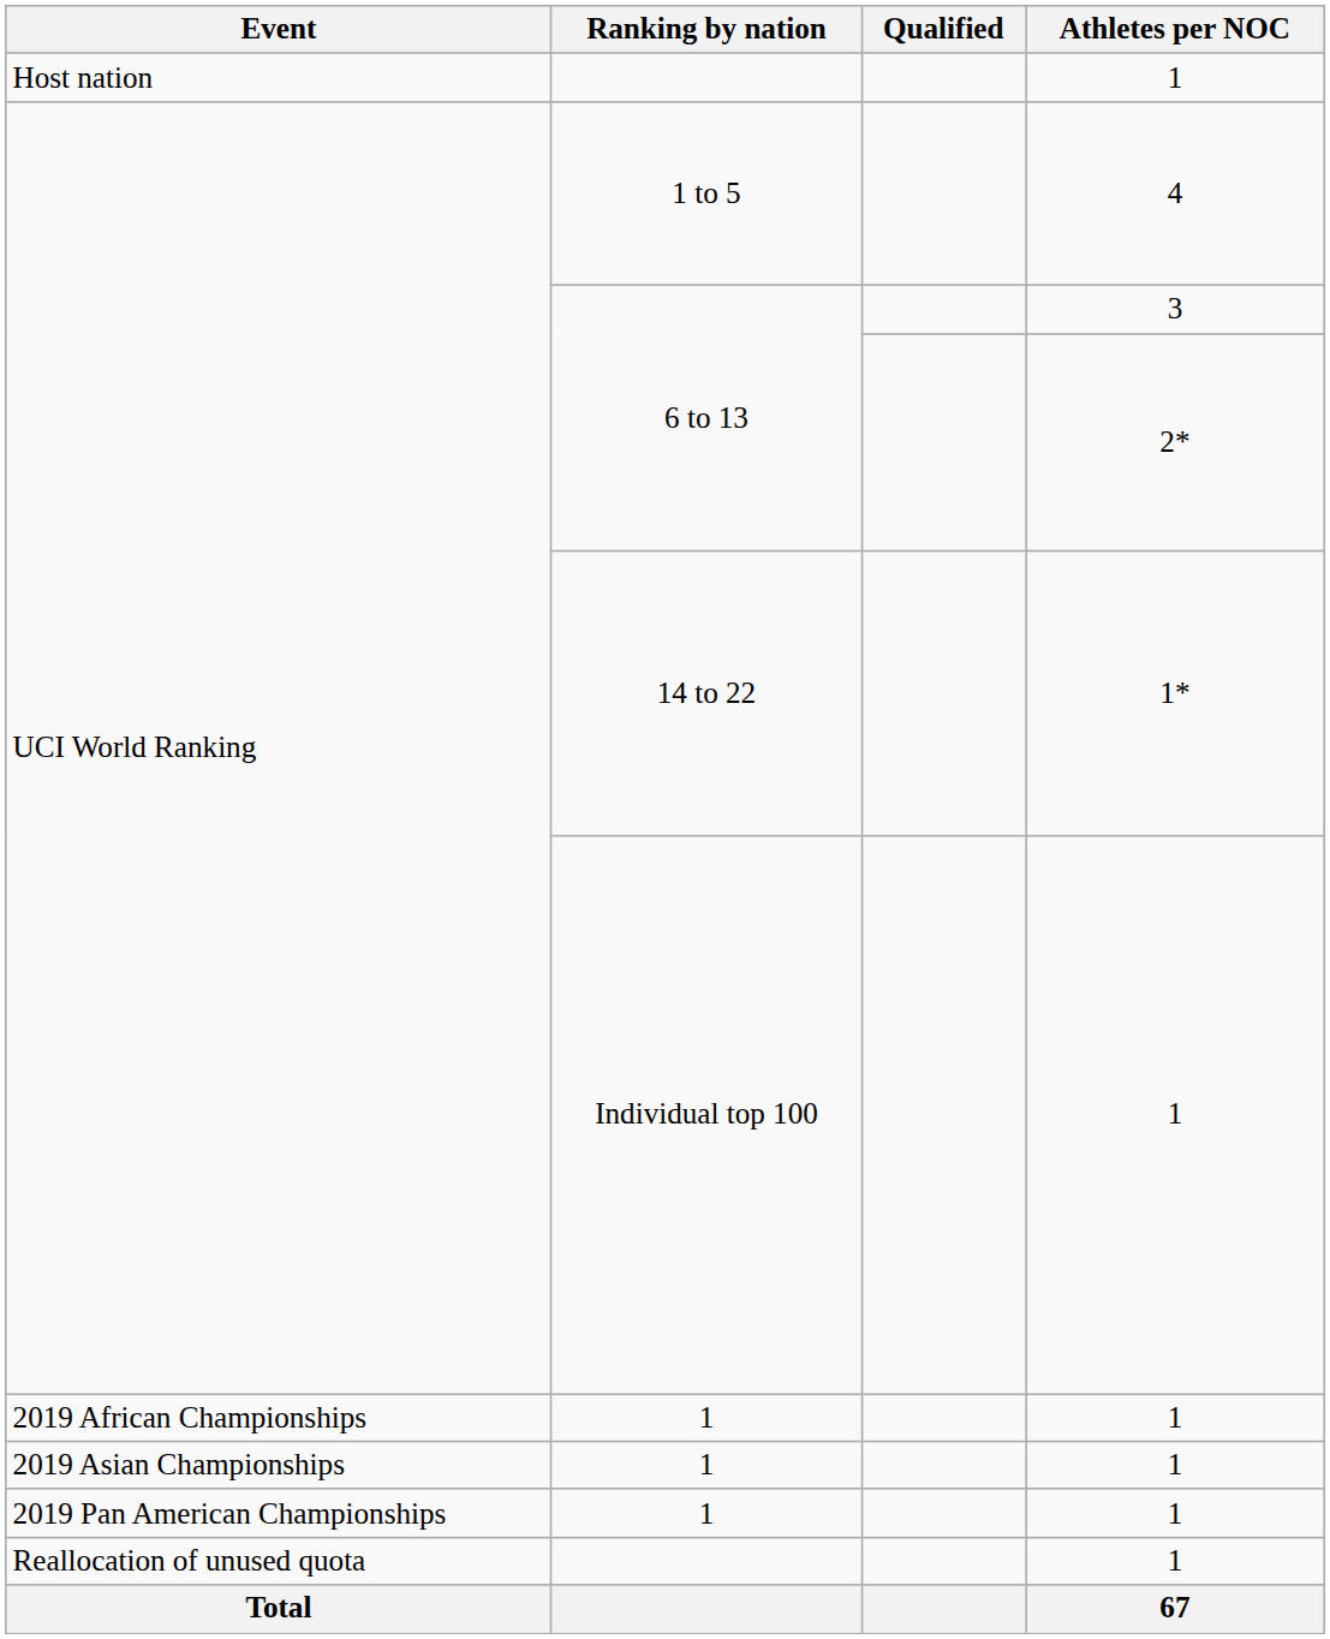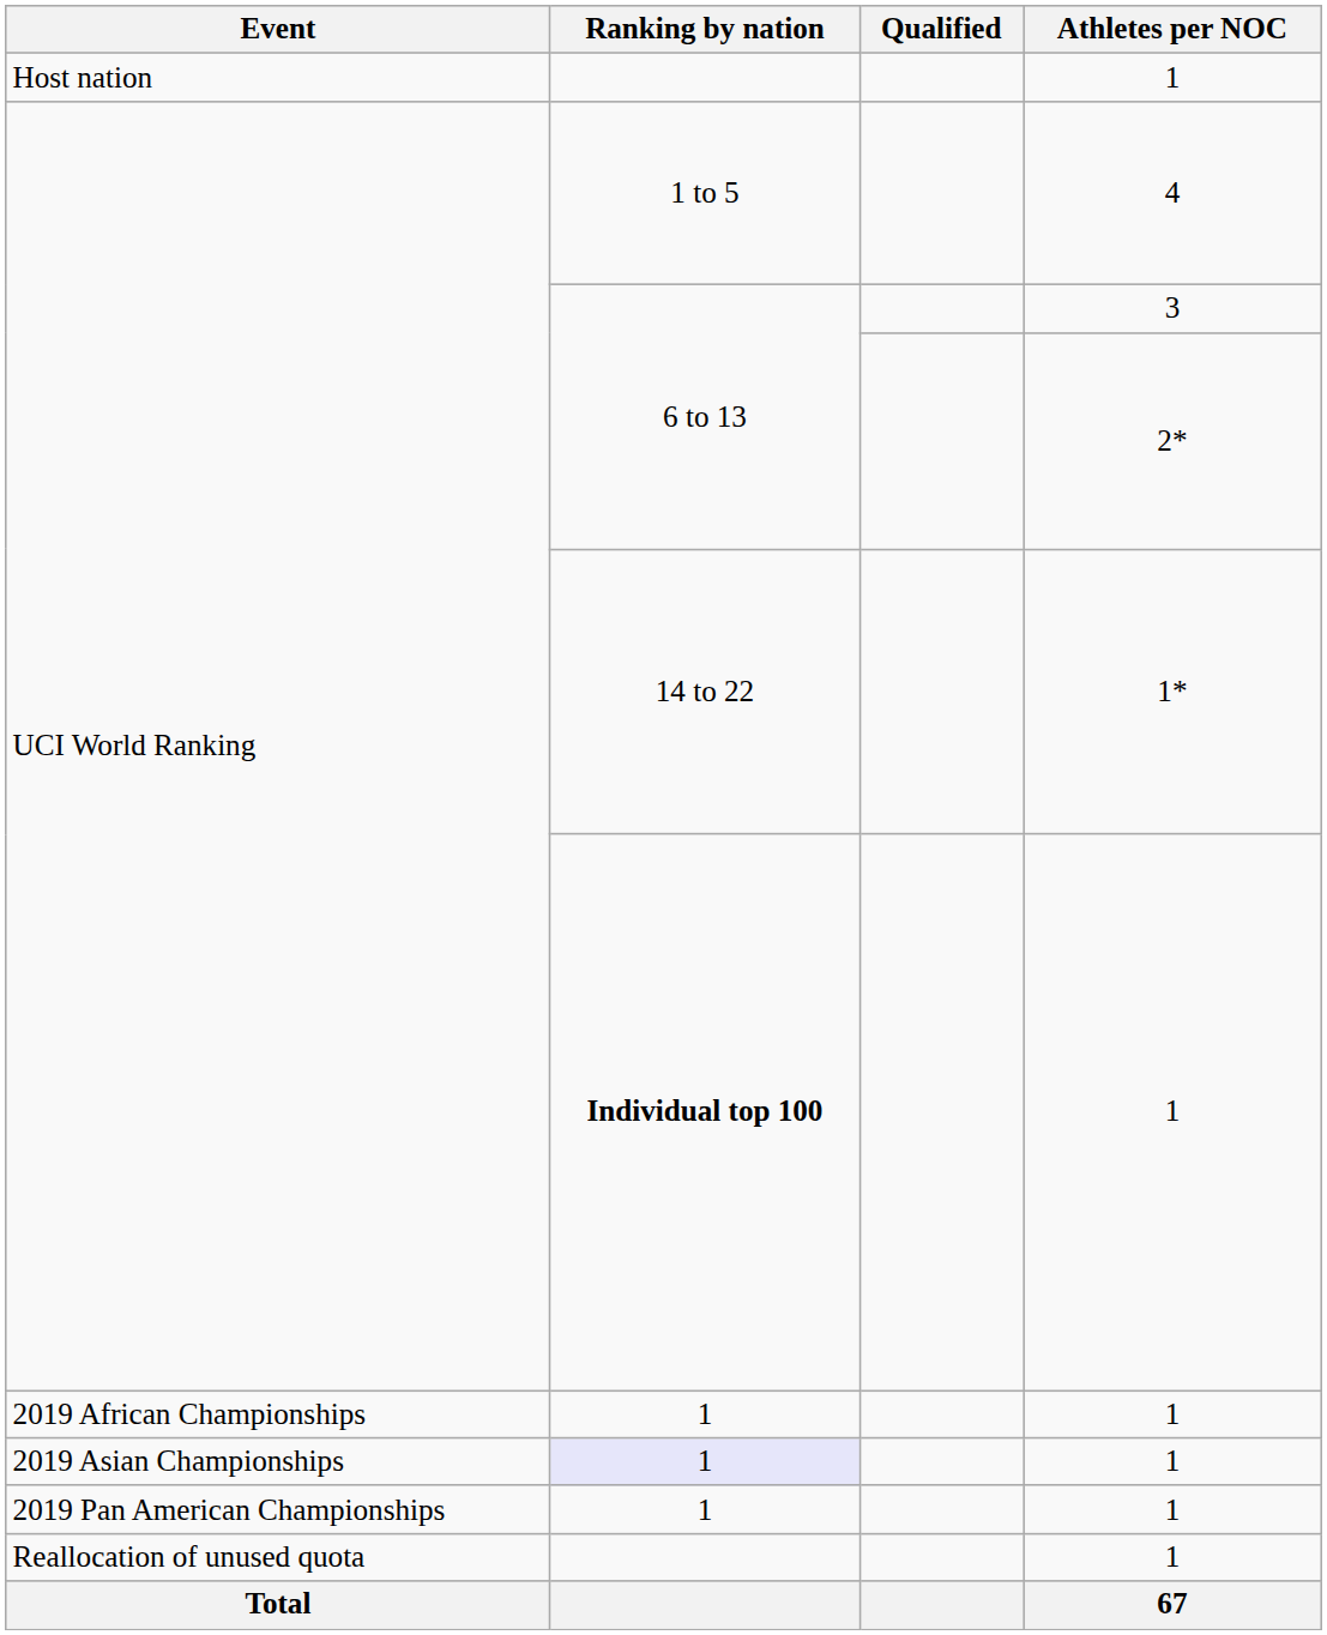 <table class="wikitable"  style="width:700px; text-align:center;">
 <tr>
 <th>Event</th>
 <th>Ranking by nation</th>
 <th>Qualified</th>
 <th>Athletes per NOC</th>
 </tr>
 <tr>
 <td align=left>Host nation</td>
 <td></td>
 <td align="left"></td>
 <td>1</td>
 </tr>
 <tr>
 <td rowspan=5 align=left>UCI World Ranking</td>
 <td>1 to 5</td>
 <td align="left"><br><br><br><br><br></td>
 <td>4</td>
 </tr>
 <tr>
 <td rowspan=2>6 to 13</td>
 <td align="left"></td>
 <td>3</td>
 </tr>
 <tr>
 <td align="left"><br><br><br><br><br><br></td>
 <td>2*</td>
 </tr>
 <tr>
 <td>14 to 22</td>
 <td align="left"><br><br><br><br><br><br><br><br></td>
 <td>1*</td>
 </tr>
 <tr>
-<td>Individual top 100</td>
+<td><strong>Individual top 100</strong></td>
 <td align=left><br><br><br><br><s></s><br><br><br><br><s></s><br><br><br><br><br><br><br><br></td>
 <td>1</td>
 </tr>
 <tr>
 <td align=left>2019 African Championships</td>
 <td>1</td>
 <td align="left"></td>
 <td>1</td>
 </tr>
 <tr>
 <td align=left>2019 Asian Championships</td>
-<td>1</td>
+<td style="background: lavender;">1</td>
 <td align="left"></td>
 <td>1</td>
 </tr>
 <tr>
 <td align=left>2019 Pan American Championships</td>
 <td>1</td>
 <td align="left"></td>
 <td>1</td>
 </tr>
 <tr>
 <td align=left>Reallocation of unused quota</td>
 <td></td>
 <td align="left"><br></td>
 <td>1</td>
 </tr>
 <tr>
 <th>Total</th>
 <th></th>
 <th></th>
 <th>67</th>
 </tr>
 </table>
